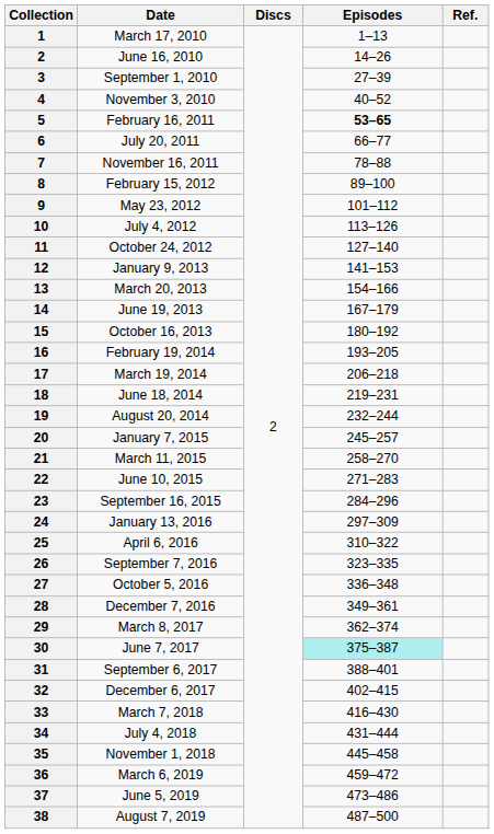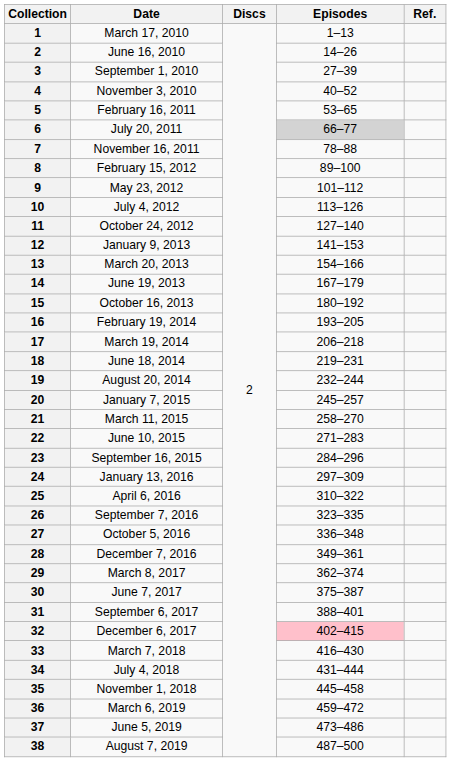 <table class="wikitable" style="text-align:center;">
 <tr>
 <th scope="col" style="width:5em;">Collection</th>
 <th scope="col" style="width:12em;">Date</th>
 <th scope="col" style="width:4em;">Discs</th>
 <th scope="col" style="width:10em;">Episodes</th>
 <th scope="col" style="width:3em;">Ref.</th>
 </tr>
 <tr>
 <th scope="row">1</th>
 <td>March 17, 2010</td>
 <td rowspan="38">2</td>
 <td>1–13</td>
 <td></td>
 </tr>
 <tr>
 <th scope="row">2</th>
 <td>June 16, 2010</td>
 <td>14–26</td>
 <td></td>
 </tr>
 <tr>
 <th scope="row">3</th>
 <td>September 1, 2010</td>
 <td>27–39</td>
 <td></td>
 </tr>
 <tr>
 <th scope="row">4</th>
 <td>November 3, 2010</td>
 <td>40–52</td>
 <td></td>
 </tr>
 <tr>
 <th scope="row">5</th>
 <td>February 16, 2011</td>
-<td><strong>53–65</strong></td>
+<td>53–65</td>
 <td></td>
 </tr>
 <tr>
 <th scope="row">6</th>
 <td>July 20, 2011</td>
-<td>66–77</td>
+<td style="background: lightgrey;">66–77</td>
 <td></td>
 </tr>
 <tr>
 <th scope="row">7</th>
 <td>November 16, 2011</td>
 <td>78–88</td>
 <td></td>
 </tr>
 <tr>
 <th scope="row">8</th>
 <td>February 15, 2012</td>
 <td>89–100</td>
 <td></td>
 </tr>
 <tr>
 <th scope="row">9</th>
 <td>May 23, 2012</td>
 <td>101–112</td>
 <td></td>
 </tr>
 <tr>
 <th scope="row">10</th>
 <td>July 4, 2012</td>
 <td>113–126</td>
 <td></td>
 </tr>
 <tr>
 <th scope="row">11</th>
 <td>October 24, 2012</td>
 <td>127–140</td>
 <td></td>
 </tr>
 <tr>
 <th scope="row">12</th>
 <td>January 9, 2013</td>
 <td>141–153</td>
 <td></td>
 </tr>
 <tr>
 <th scope="row">13</th>
 <td>March 20, 2013</td>
 <td>154–166</td>
 <td></td>
 </tr>
 <tr>
 <th scope="row">14</th>
 <td>June 19, 2013</td>
 <td>167–179</td>
 <td></td>
 </tr>
 <tr>
 <th scope="row">15</th>
 <td>October 16, 2013</td>
 <td>180–192</td>
 <td></td>
 </tr>
 <tr>
 <th scope="row">16</th>
 <td>February 19, 2014</td>
 <td>193–205</td>
 <td></td>
 </tr>
 <tr>
 <th scope="row">17</th>
 <td>March 19, 2014</td>
 <td>206–218</td>
 <td></td>
 </tr>
 <tr>
 <th scope="row">18</th>
 <td>June 18, 2014</td>
 <td>219–231</td>
 <td></td>
 </tr>
 <tr>
 <th scope="row">19</th>
 <td>August 20, 2014</td>
 <td>232–244</td>
 <td></td>
 </tr>
 <tr>
 <th scope="row">20</th>
 <td>January 7, 2015</td>
 <td>245–257</td>
 <td></td>
 </tr>
 <tr>
 <th scope="row">21</th>
 <td>March 11, 2015</td>
 <td>258–270</td>
 <td></td>
 </tr>
 <tr>
 <th scope="row">22</th>
 <td>June 10, 2015</td>
 <td>271–283</td>
 <td></td>
 </tr>
 <tr>
 <th scope="row">23</th>
 <td>September 16, 2015</td>
 <td>284–296</td>
 <td></td>
 </tr>
 <tr>
 <th scope="row">24</th>
 <td>January 13, 2016</td>
 <td>297–309</td>
 <td></td>
 </tr>
 <tr>
 <th scope="row">25</th>
 <td>April 6, 2016</td>
 <td>310–322</td>
 <td></td>
 </tr>
 <tr>
 <th scope="row">26</th>
 <td>September 7, 2016</td>
 <td>323–335</td>
 <td></td>
 </tr>
 <tr>
 <th scope="row">27</th>
 <td>October 5, 2016</td>
 <td>336–348</td>
 <td></td>
 </tr>
 <tr>
 <th scope="row">28</th>
 <td>December 7, 2016</td>
 <td>349–361</td>
 <td></td>
 </tr>
 <tr>
 <th scope="row">29</th>
 <td>March 8, 2017</td>
 <td>362–374</td>
 <td></td>
 </tr>
 <tr>
 <th scope="row">30</th>
 <td>June 7, 2017</td>
-<td style="background: paleturquoise;">375–387</td>
+<td>375–387</td>
 <td></td>
 </tr>
 <tr>
 <th scope="row">31</th>
 <td>September 6, 2017</td>
 <td>388–401</td>
 <td></td>
 </tr>
 <tr>
 <th scope="row">32</th>
 <td>December 6, 2017</td>
-<td>402–415</td>
+<td style="background: pink;">402–415</td>
 <td></td>
 </tr>
 <tr>
 <th scope="row">33</th>
 <td>March 7, 2018</td>
 <td>416–430</td>
 <td></td>
 </tr>
 <tr>
 <th scope="row">34</th>
 <td>July 4, 2018</td>
 <td>431–444</td>
 <td></td>
 </tr>
 <tr>
 <th scope="row">35</th>
 <td>November 1, 2018</td>
 <td>445–458</td>
 <td></td>
 </tr>
 <tr>
 <th scope="row">36</th>
 <td>March 6, 2019</td>
 <td>459–472</td>
 <td></td>
 </tr>
 <tr>
 <th scope="row">37</th>
 <td>June 5, 2019</td>
 <td>473–486</td>
 <td></td>
 </tr>
 <tr>
 <th scope="row">38</th>
 <td>August 7, 2019</td>
 <td>487–500</td>
 <td></td>
 </tr>
 </table>
